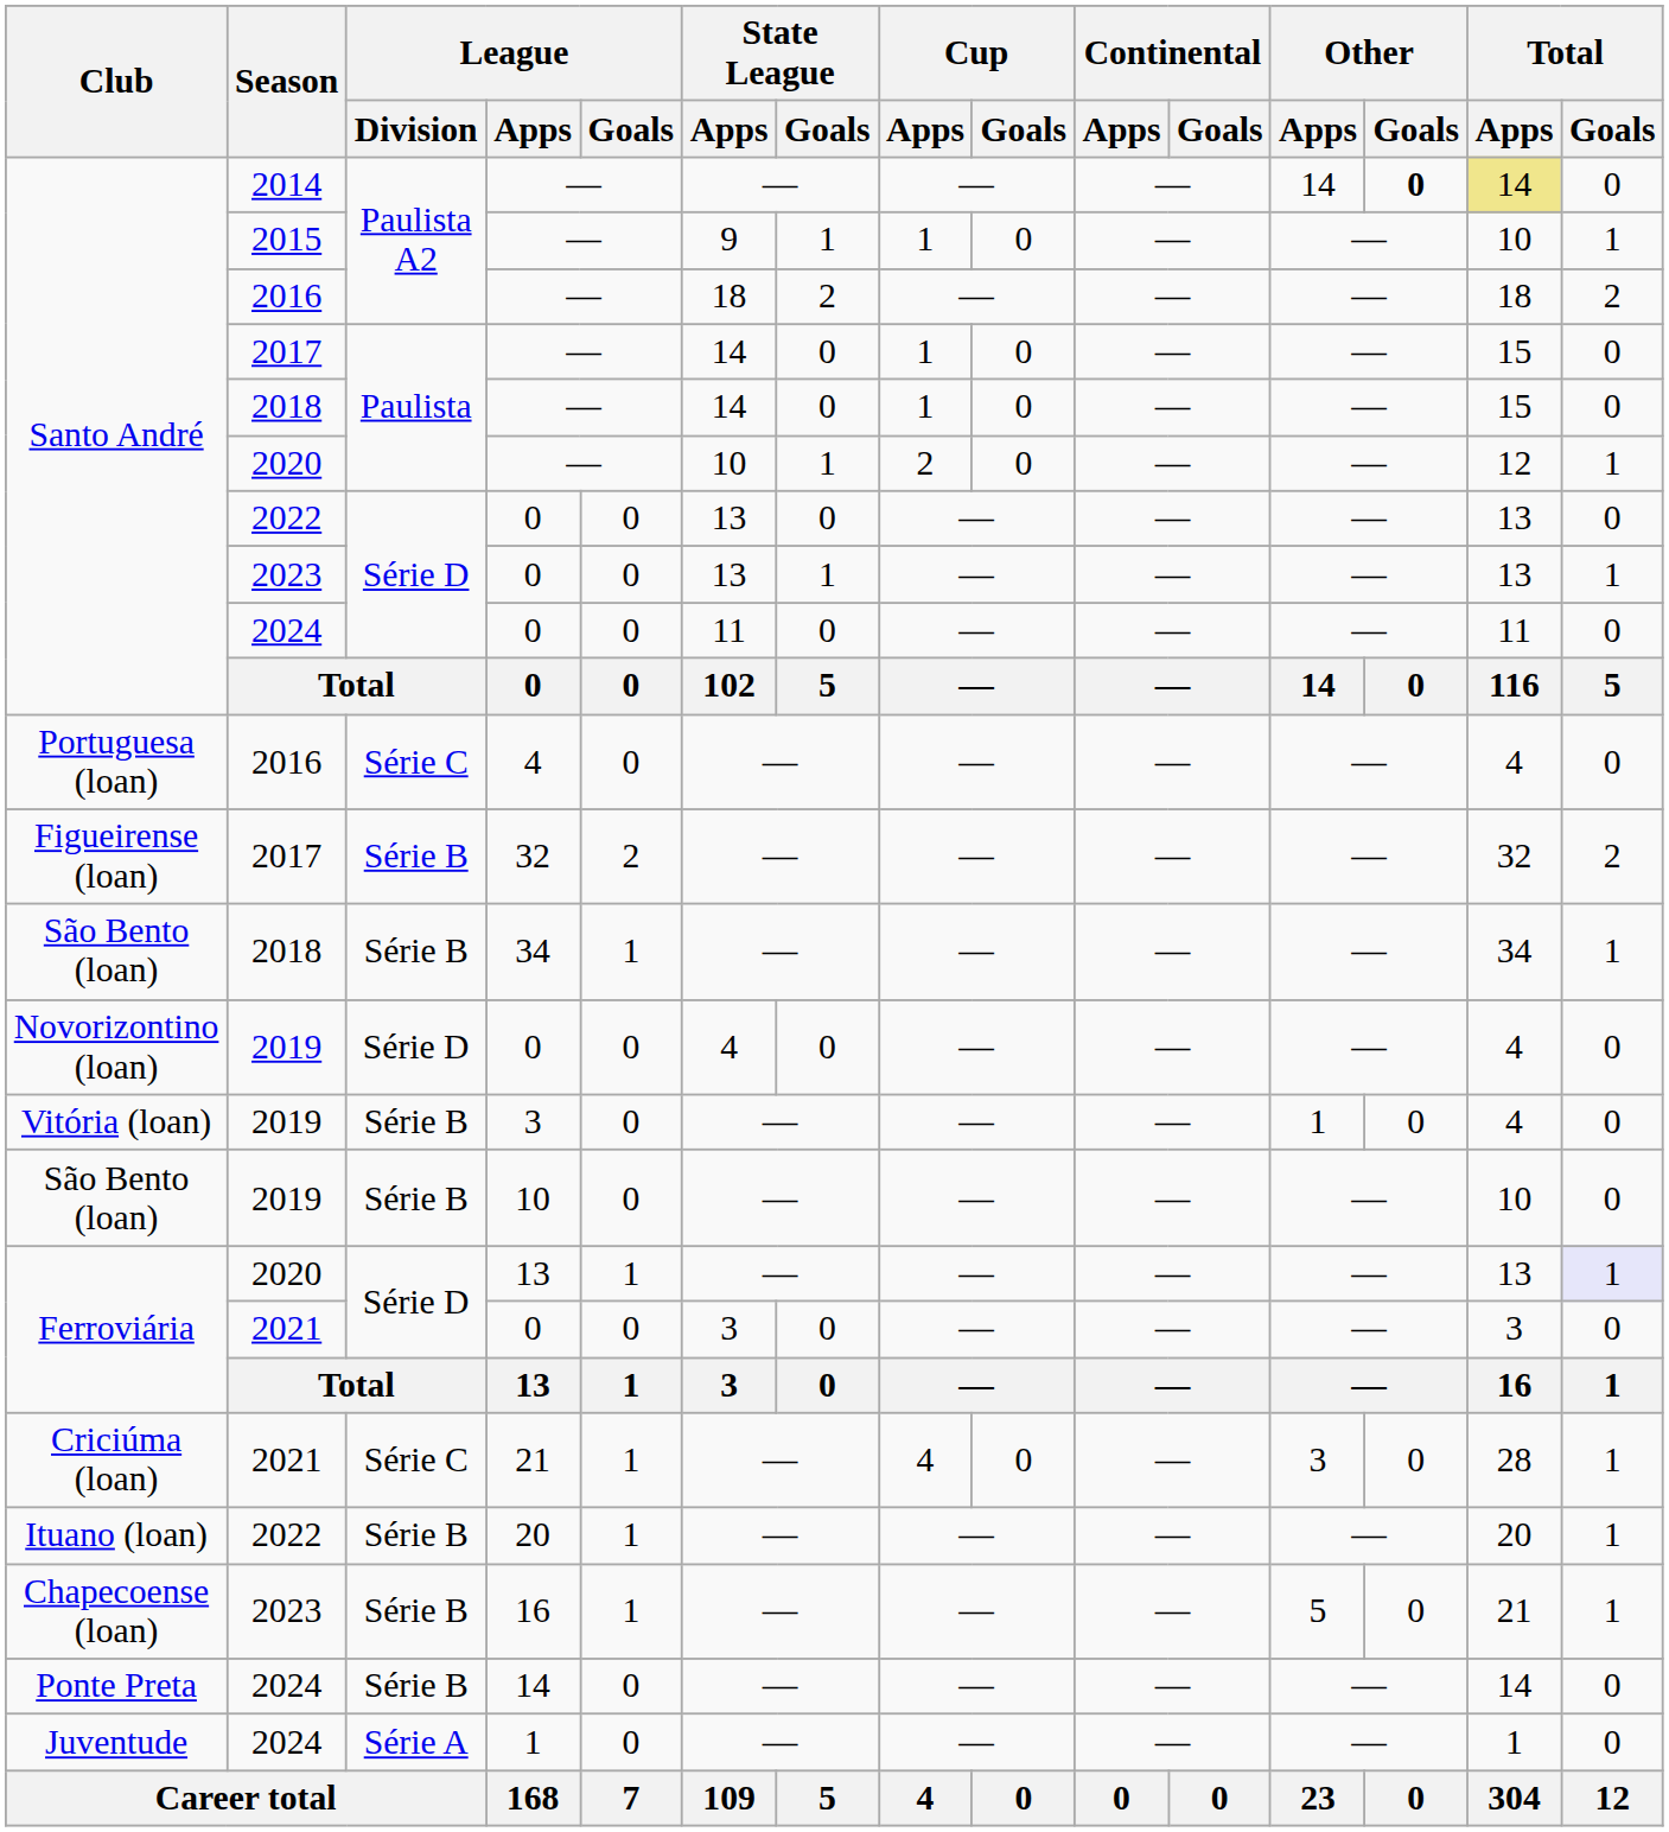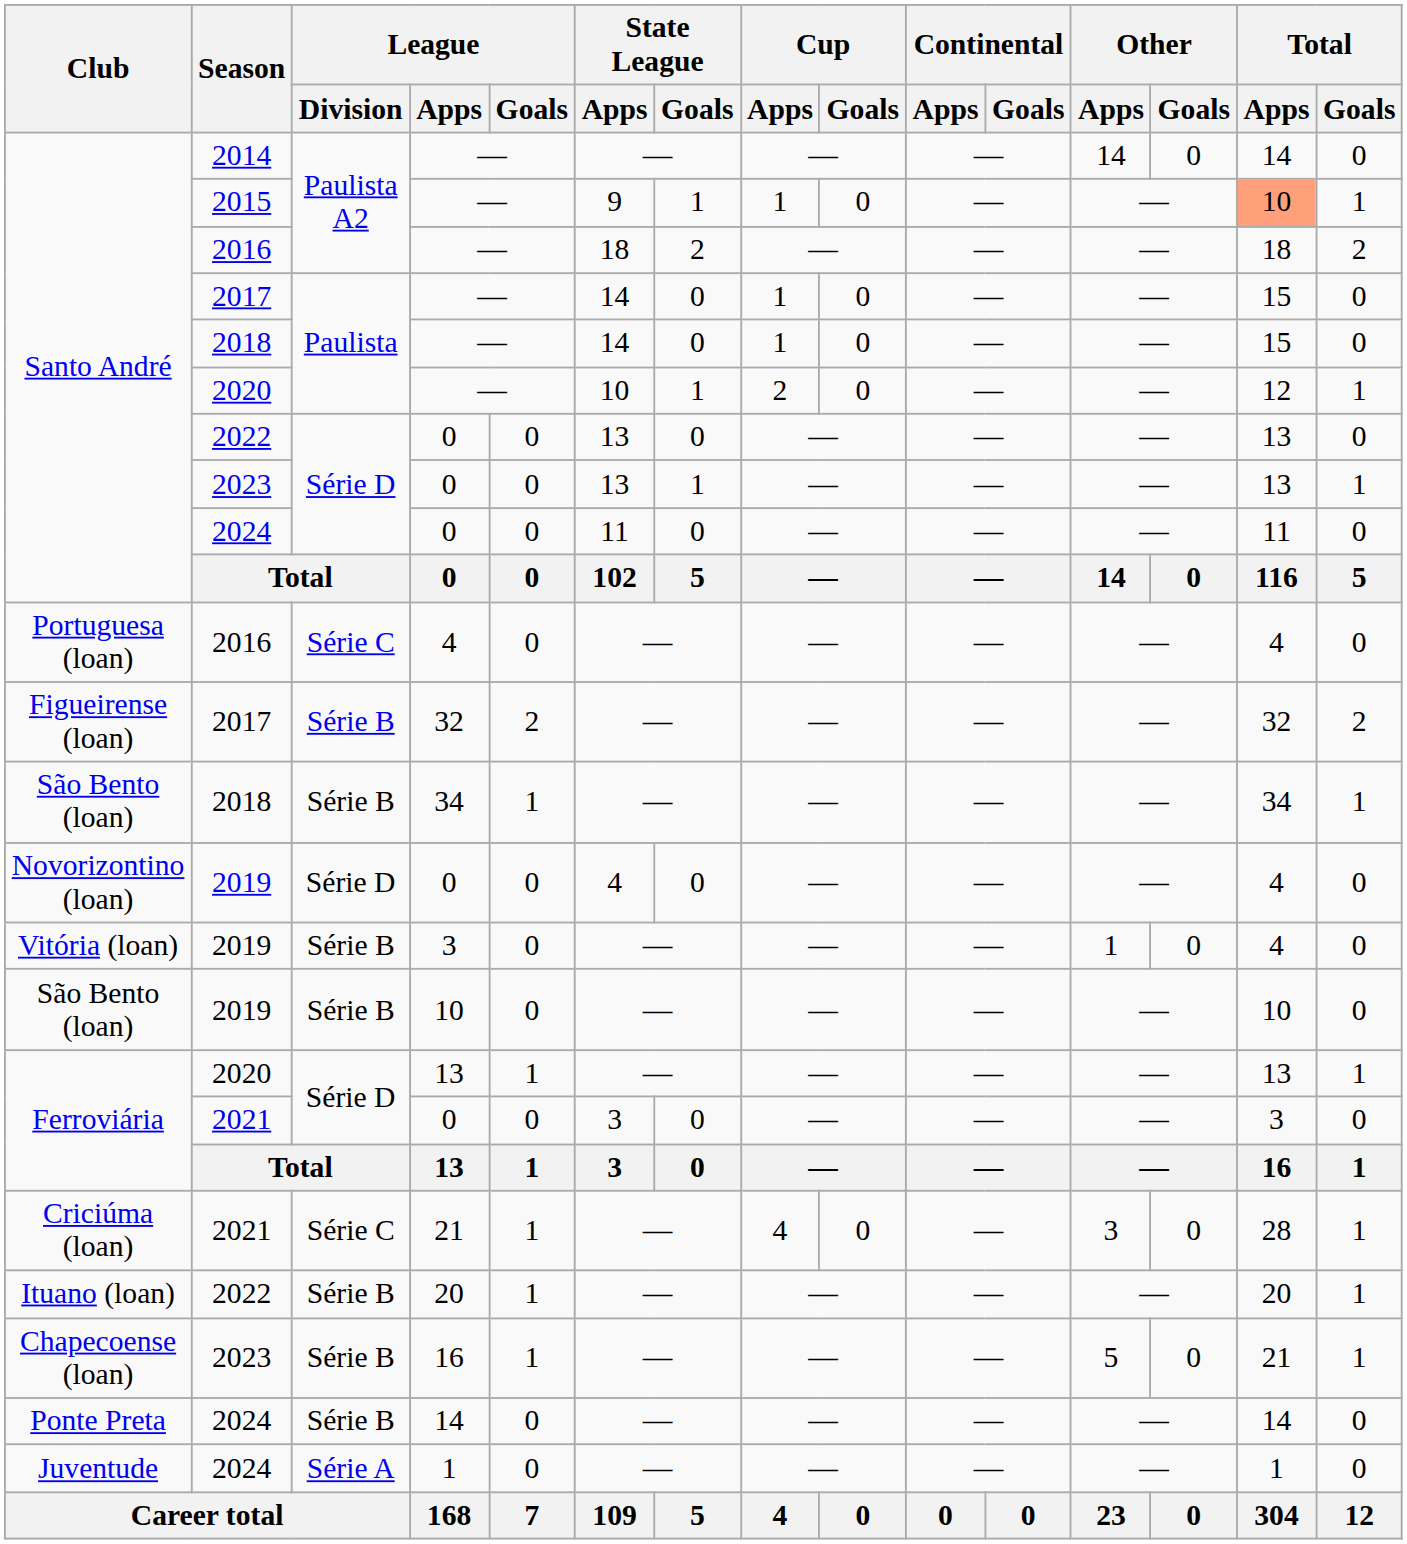 <table class="wikitable" style="text-align: center">
 <tr>
 <th rowspan="2">Club</th>
 <th rowspan="2">Season</th>
 <th colspan="3">League</th>
 <th colspan="2">State League</th>
 <th colspan="2">Cup</th>
 <th colspan="2">Continental</th>
 <th colspan="2">Other</th>
 <th colspan="2">Total</th>
 </tr>
 <tr>
 <th>Division</th>
 <th>Apps</th>
 <th>Goals</th>
 <th>Apps</th>
 <th>Goals</th>
 <th>Apps</th>
 <th>Goals</th>
 <th>Apps</th>
 <th>Goals</th>
 <th>Apps</th>
 <th>Goals</th>
 <th>Apps</th>
 <th>Goals</th>
 </tr>
 <tr>
 <td rowspan="10"><a href='#'>Santo André</a></td>
 <td><a href='#'>2014</a></td>
 <td rowspan="3"><a href='#'>Paulista A2</a></td>
 <td colspan="2">—</td>
 <td colspan="2">—</td>
 <td colspan="2">—</td>
 <td colspan="2">—</td>
 <td>14</td>
-<td><strong>0</strong></td>
-<td style="background: khaki;">14</td>
+<td>0</td>
+<td>14</td>
 <td>0</td>
 </tr>
 <tr>
 <td><a href='#'>2015</a></td>
 <td colspan="2">—</td>
 <td>9</td>
 <td>1</td>
 <td>1</td>
 <td>0</td>
 <td colspan="2">—</td>
 <td colspan="2">—</td>
-<td>10</td>
+<td style="background: lightsalmon;">10</td>
 <td>1</td>
 </tr>
 <tr>
 <td><a href='#'>2016</a></td>
 <td colspan="2">—</td>
 <td>18</td>
 <td>2</td>
 <td colspan="2">—</td>
 <td colspan="2">—</td>
 <td colspan="2">—</td>
 <td>18</td>
 <td>2</td>
 </tr>
 <tr>
 <td><a href='#'>2017</a></td>
 <td rowspan="3"><a href='#'>Paulista</a></td>
 <td colspan="2">—</td>
 <td>14</td>
 <td>0</td>
 <td>1</td>
 <td>0</td>
 <td colspan="2">—</td>
 <td colspan="2">—</td>
 <td>15</td>
 <td>0</td>
 </tr>
 <tr>
 <td><a href='#'>2018</a></td>
 <td colspan="2">—</td>
 <td>14</td>
 <td>0</td>
 <td>1</td>
 <td>0</td>
 <td colspan="2">—</td>
 <td colspan="2">—</td>
 <td>15</td>
 <td>0</td>
 </tr>
 <tr>
 <td><a href='#'>2020</a></td>
 <td colspan="2">—</td>
 <td>10</td>
 <td>1</td>
 <td>2</td>
 <td>0</td>
 <td colspan="2">—</td>
 <td colspan="2">—</td>
 <td>12</td>
 <td>1</td>
 </tr>
 <tr>
 <td><a href='#'>2022</a></td>
 <td rowspan="3"><a href='#'>Série D</a></td>
 <td>0</td>
 <td>0</td>
 <td>13</td>
 <td>0</td>
 <td colspan="2">—</td>
 <td colspan="2">—</td>
 <td colspan="2">—</td>
 <td>13</td>
 <td>0</td>
 </tr>
 <tr>
 <td><a href='#'>2023</a></td>
 <td>0</td>
 <td>0</td>
 <td>13</td>
 <td>1</td>
 <td colspan="2">—</td>
 <td colspan="2">—</td>
 <td colspan="2">—</td>
 <td>13</td>
 <td>1</td>
 </tr>
 <tr>
 <td><a href='#'>2024</a></td>
 <td>0</td>
 <td>0</td>
 <td>11</td>
 <td>0</td>
 <td colspan="2">—</td>
 <td colspan="2">—</td>
 <td colspan="2">—</td>
 <td>11</td>
 <td>0</td>
 </tr>
 <tr>
 <th colspan="2">Total</th>
 <th>0</th>
 <th>0</th>
 <th>102</th>
 <th>5</th>
 <th colspan="2">—</th>
 <th colspan="2">—</th>
 <th>14</th>
 <th>0</th>
 <th>116</th>
 <th>5</th>
 </tr>
 <tr>
 <td><a href='#'>Portuguesa</a> (loan)</td>
 <td>2016</td>
 <td><a href='#'>Série C</a></td>
 <td>4</td>
 <td>0</td>
 <td colspan="2">—</td>
 <td colspan="2">—</td>
 <td colspan="2">—</td>
 <td colspan="2">—</td>
 <td>4</td>
 <td>0</td>
 </tr>
 <tr>
 <td><a href='#'>Figueirense</a> (loan)</td>
 <td>2017</td>
 <td><a href='#'>Série B</a></td>
 <td>32</td>
 <td>2</td>
 <td colspan="2">—</td>
 <td colspan="2">—</td>
 <td colspan="2">—</td>
 <td colspan="2">—</td>
 <td>32</td>
 <td>2</td>
 </tr>
 <tr>
 <td><a href='#'>São Bento</a> (loan)</td>
 <td>2018</td>
 <td>Série B</td>
 <td>34</td>
 <td>1</td>
 <td colspan="2">—</td>
 <td colspan="2">—</td>
 <td colspan="2">—</td>
 <td colspan="2">—</td>
 <td>34</td>
 <td>1</td>
 </tr>
 <tr>
 <td><a href='#'>Novorizontino</a> (loan)</td>
 <td><a href='#'>2019</a></td>
 <td>Série D</td>
 <td>0</td>
 <td>0</td>
 <td>4</td>
 <td>0</td>
 <td colspan="2">—</td>
 <td colspan="2">—</td>
 <td colspan="2">—</td>
 <td>4</td>
 <td>0</td>
 </tr>
 <tr>
 <td><a href='#'>Vitória</a> (loan)</td>
 <td>2019</td>
 <td>Série B</td>
 <td>3</td>
 <td>0</td>
 <td colspan="2">—</td>
 <td colspan="2">—</td>
 <td colspan="2">—</td>
 <td>1</td>
 <td>0</td>
 <td>4</td>
 <td>0</td>
 </tr>
 <tr>
 <td>São Bento (loan)</td>
 <td>2019</td>
 <td>Série B</td>
 <td>10</td>
 <td>0</td>
 <td colspan="2">—</td>
 <td colspan="2">—</td>
 <td colspan="2">—</td>
 <td colspan="2">—</td>
 <td>10</td>
 <td>0</td>
 </tr>
 <tr>
 <td rowspan="3"><a href='#'>Ferroviária</a></td>
 <td>2020</td>
 <td rowspan="2">Série D</td>
 <td>13</td>
 <td>1</td>
 <td colspan="2">—</td>
 <td colspan="2">—</td>
 <td colspan="2">—</td>
 <td colspan="2">—</td>
 <td>13</td>
-<td style="background: lavender;">1</td>
+<td>1</td>
 </tr>
 <tr>
 <td><a href='#'>2021</a></td>
 <td>0</td>
 <td>0</td>
 <td>3</td>
 <td>0</td>
 <td colspan="2">—</td>
 <td colspan="2">—</td>
 <td colspan="2">—</td>
 <td>3</td>
 <td>0</td>
 </tr>
 <tr>
 <th colspan="2">Total</th>
 <th>13</th>
 <th>1</th>
 <th>3</th>
 <th>0</th>
 <th colspan="2">—</th>
 <th colspan="2">—</th>
 <th colspan="2">—</th>
 <th>16</th>
 <th>1</th>
 </tr>
 <tr>
 <td><a href='#'>Criciúma</a> (loan)</td>
 <td>2021</td>
 <td>Série C</td>
 <td>21</td>
 <td>1</td>
 <td colspan="2">—</td>
 <td>4</td>
 <td>0</td>
 <td colspan="2">—</td>
 <td>3</td>
 <td>0</td>
 <td>28</td>
 <td>1</td>
 </tr>
 <tr>
 <td><a href='#'>Ituano</a> (loan)</td>
 <td>2022</td>
 <td>Série B</td>
 <td>20</td>
 <td>1</td>
 <td colspan="2">—</td>
 <td colspan="2">—</td>
 <td colspan="2">—</td>
 <td colspan="2">—</td>
 <td>20</td>
 <td>1</td>
 </tr>
 <tr>
 <td><a href='#'>Chapecoense</a> (loan)</td>
 <td>2023</td>
 <td>Série B</td>
 <td>16</td>
 <td>1</td>
 <td colspan="2">—</td>
 <td colspan="2">—</td>
 <td colspan="2">—</td>
 <td>5</td>
 <td>0</td>
 <td>21</td>
 <td>1</td>
 </tr>
 <tr>
 <td><a href='#'>Ponte Preta</a></td>
 <td>2024</td>
 <td>Série B</td>
 <td>14</td>
 <td>0</td>
 <td colspan="2">—</td>
 <td colspan="2">—</td>
 <td colspan="2">—</td>
 <td colspan="2">—</td>
 <td>14</td>
 <td>0</td>
 </tr>
 <tr>
 <td><a href='#'>Juventude</a></td>
 <td>2024</td>
 <td><a href='#'>Série A</a></td>
 <td>1</td>
 <td>0</td>
 <td colspan="2">—</td>
 <td colspan="2">—</td>
 <td colspan="2">—</td>
 <td colspan="2">—</td>
 <td>1</td>
 <td>0</td>
 </tr>
 <tr>
 <th colspan="3"><strong>Career total</strong></th>
 <th>168</th>
 <th>7</th>
 <th>109</th>
 <th>5</th>
 <th>4</th>
 <th>0</th>
 <th>0</th>
 <th>0</th>
 <th>23</th>
 <th>0</th>
 <th>304</th>
 <th>12</th>
 </tr>
 </table>
